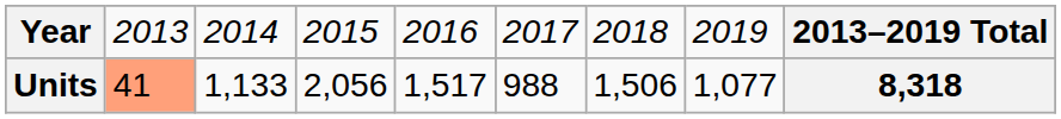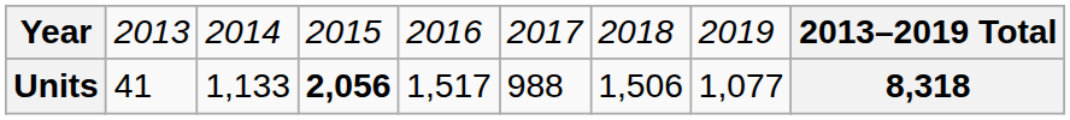 <table class="wikitable">
 <tr>
 <th>Year</th>
 <td><em>2013</em></td>
 <td><em>2014</em></td>
 <td><em>2015</em></td>
 <td><em>2016</em></td>
 <td><em>2017</em></td>
 <td><em>2018</em></td>
 <td><em>2019</em></td>
 <th>2013–2019 Total</th>
 </tr>
 <tr>
 <th>Units</th>
-<td style="background: lightsalmon;">41</td>
+<td>41</td>
 <td>1,133</td>
-<td>2,056</td>
+<td><strong>2,056</strong></td>
 <td>1,517</td>
 <td>988</td>
 <td>1,506</td>
 <td>1,077</td>
 <th>8,318</th>
 </tr>
 </table>
